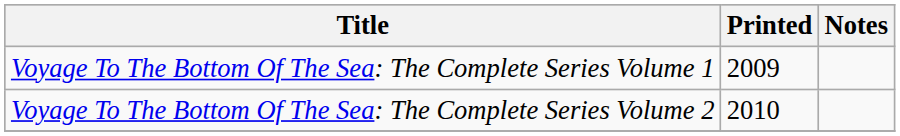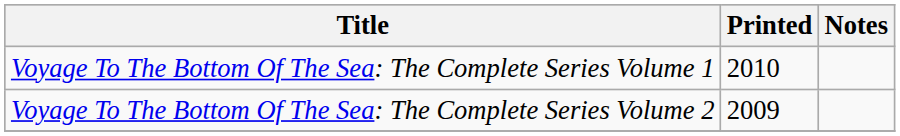 <table class="wikitable">
 <tr>
 <th>Title</th>
 <th>Printed</th>
 <th>Notes</th>
 </tr>
 <tr>
 <td><em><a href='#'>Voyage To The Bottom Of The Sea</a>: The Complete Series Volume 1</em></td>
-<td>2009</td>
+<td>2010</td>
 <td></td>
 </tr>
 <tr>
 <td><em><a href='#'>Voyage To The Bottom Of The Sea</a>: The Complete Series Volume 2</em></td>
-<td>2010</td>
+<td>2009</td>
 <td></td>
 </tr>
 <tr>
 </tr>
 </table>
